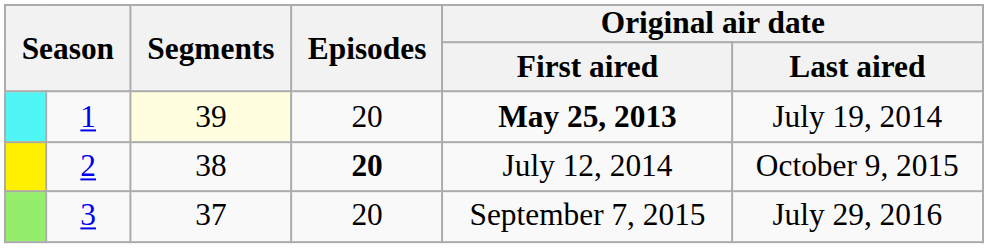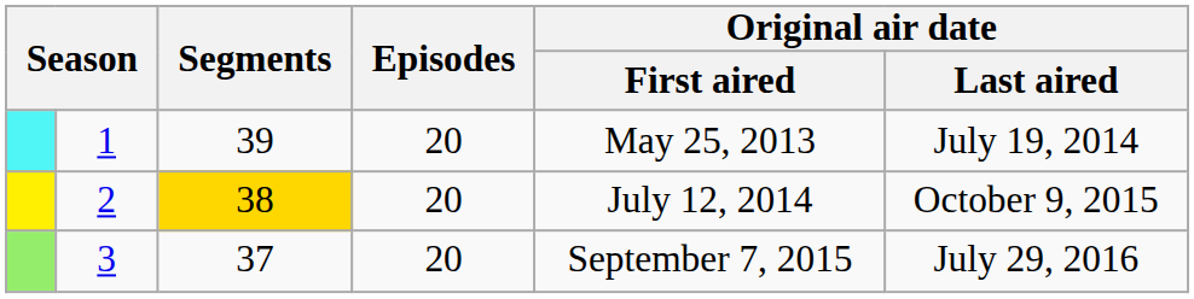 <table class="wikitable" style="text-align:center;">
 <tr>
 <th style="padding:0 8px;" rowspan="2" colspan="2">Season</th>
 <th rowspan="2" style="padding:0 8px;">Segments</th>
 <th rowspan="2" style="padding:0 8px;">Episodes</th>
 <th style="padding:0 80px;" colspan="2">Original air date</th>
 </tr>
 <tr>
 <th>First aired</th>
 <th>Last aired</th>
 </tr>
 <tr>
 <td style="background:#50f5f5; color:#100; text-align:center;"></td>
 <td><a href='#'>1</a></td>
-<td style="background: lightyellow;">39</td>
+<td>39</td>
 <td>20</td>
-<td><strong>May 25, 2013</strong></td>
+<td>May 25, 2013</td>
 <td>July 19, 2014</td>
 </tr>
 <tr>
 <td style="background:#FFEF00; color:#100; text-align:center;"></td>
 <td><a href='#'>2</a></td>
-<td>38</td>
-<td><strong>20</strong></td>
+<td style="background: gold;">38</td>
+<td>20</td>
 <td>July 12, 2014</td>
 <td>October 9, 2015</td>
 </tr>
 <tr>
 <td style="background:#95EE6B; color:#100; text-align:center;"></td>
 <td><a href='#'>3</a></td>
 <td>37</td>
 <td>20</td>
 <td>September 7, 2015</td>
 <td>July 29, 2016</td>
 </tr>
 </table>
